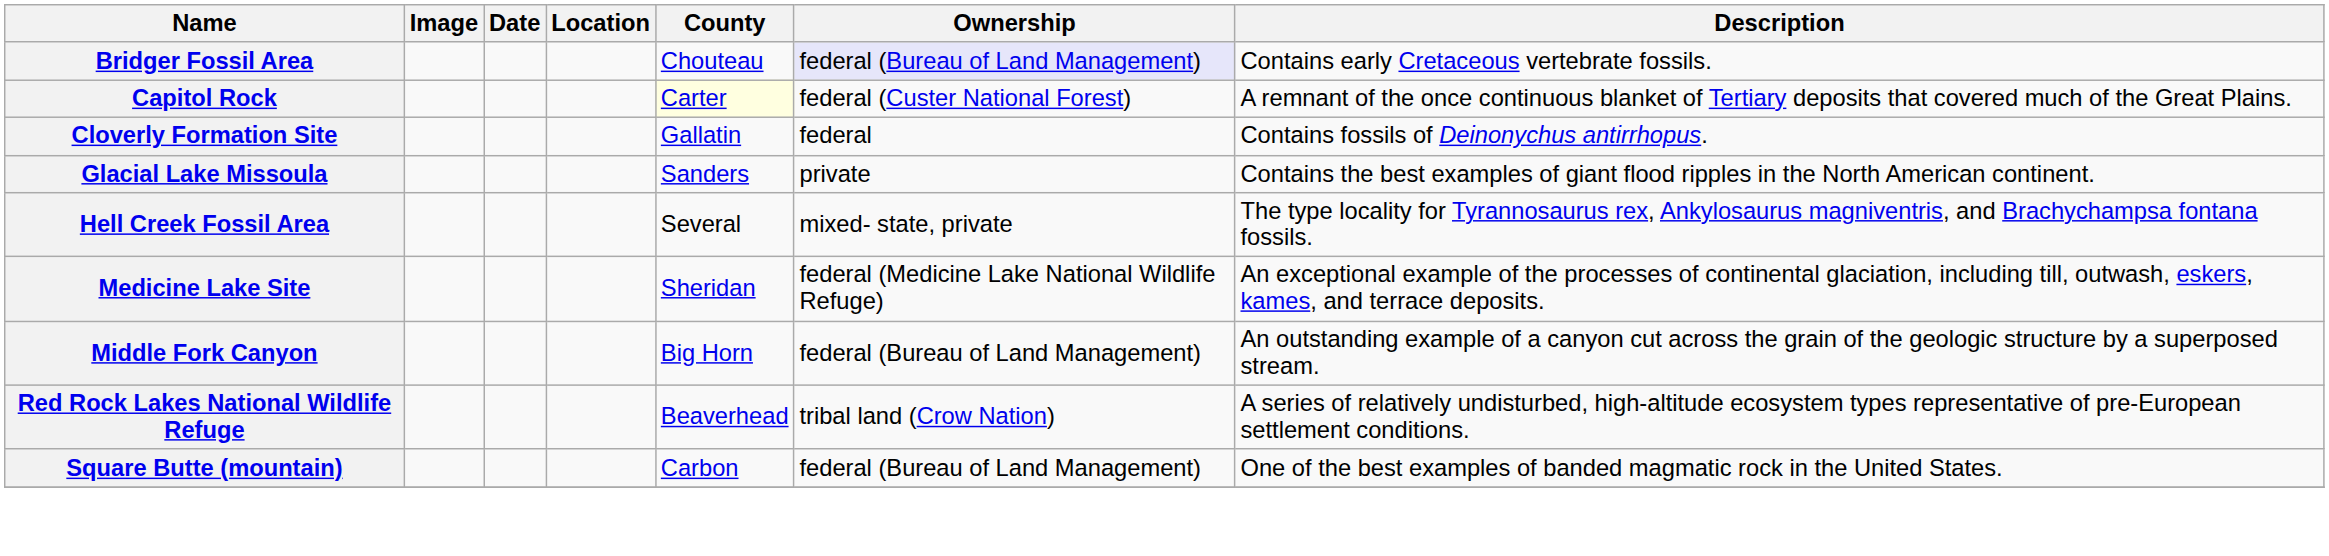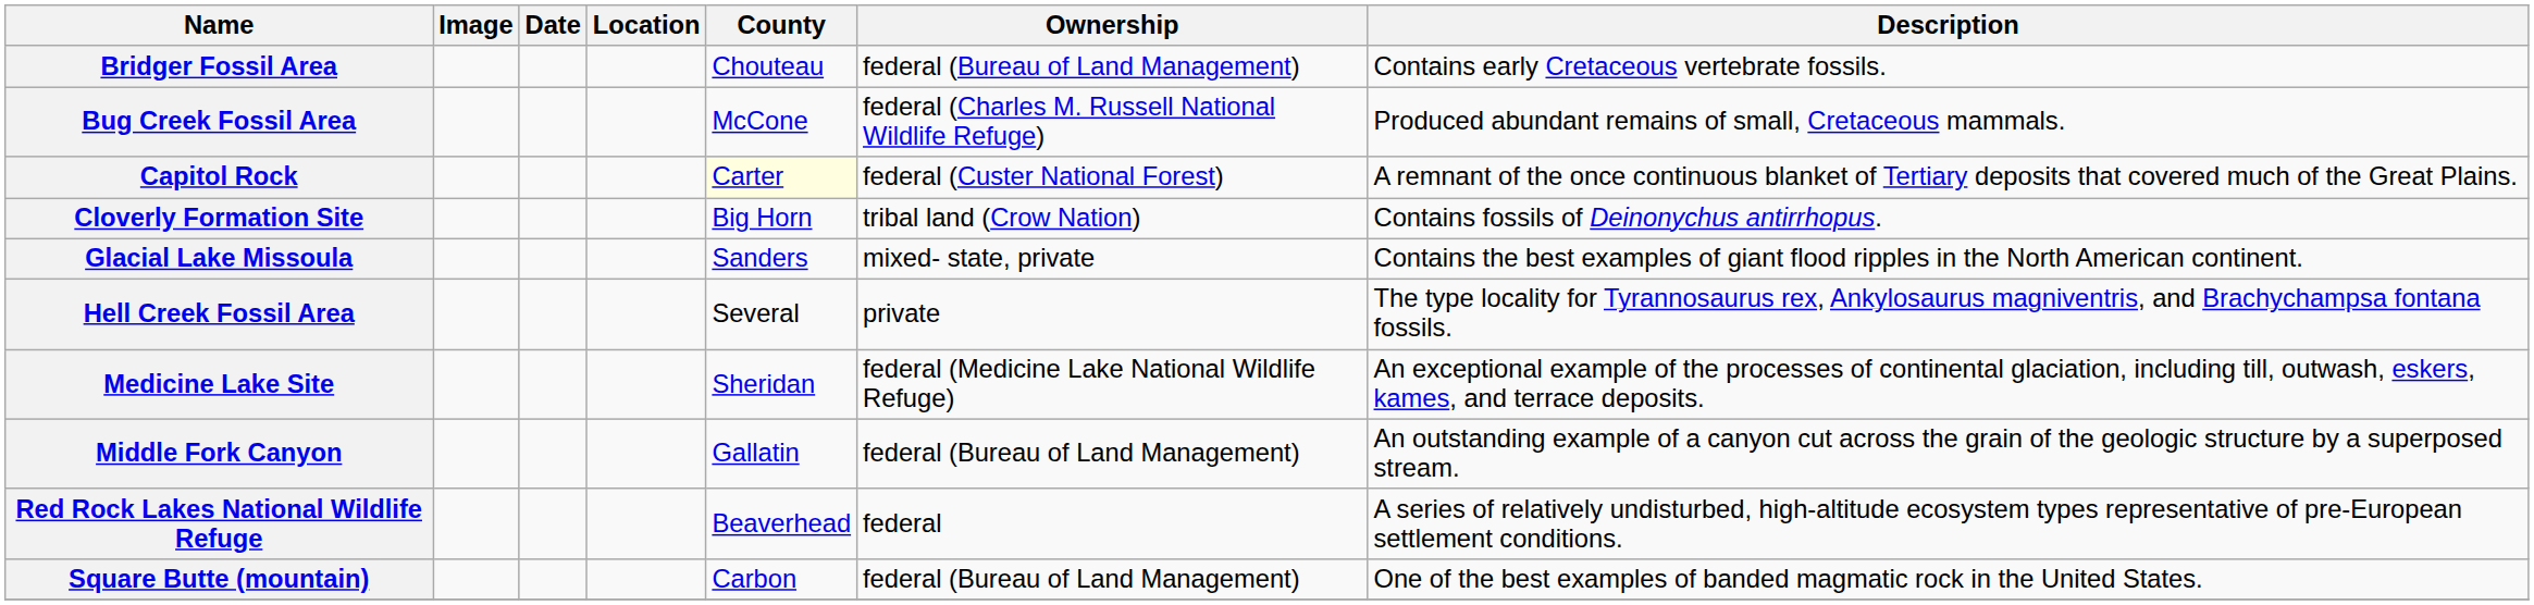 <table class="wikitable sortable" align="center">
 <tr>
 <th style="background-color:">Name</th>
 <th style="background-color:">Image</th>
 <th style="background-color:">Date</th>
 <th style="background-color:">Location</th>
 <th style="background-color:">County</th>
 <th style="background-color:">Ownership</th>
 <th style="background-color:">Description</th>
 </tr>
 <tr>
 <th><a href='#'>Bridger Fossil Area</a></th>
 <td></td>
 <td></td>
 <td></td>
 <td><a href='#'>Chouteau</a></td>
-<td style="background: lavender;">federal (<a href='#'>Bureau of Land Management</a>)</td>
+<td>federal (<a href='#'>Bureau of Land Management</a>)</td>
 <td>Contains early <a href='#'>Cretaceous</a> vertebrate fossils.</td>
+</tr>
+<tr>
+<th><a href='#'>Bug Creek Fossil Area</a></th>
+<td></td>
+<td></td>
+<td></td>
+<td><a href='#'>McCone</a></td>
+<td>federal (<a href='#'>Charles M. Russell National Wildlife Refuge</a>)</td>
+<td>Produced abundant remains of small, <a href='#'>Cretaceous</a> mammals.</td>
 </tr>
 <tr>
 <th><a href='#'>Capitol Rock</a></th>
 <td></td>
 <td></td>
 <td></td>
 <td style="background: lightyellow;"><a href='#'>Carter</a></td>
 <td>federal (<a href='#'>Custer National Forest</a>)</td>
 <td>A remnant of the once continuous blanket of <a href='#'>Tertiary</a> deposits that covered much of the Great Plains.</td>
 </tr>
 <tr>
 <th><a href='#'>Cloverly Formation Site</a></th>
 <td></td>
 <td></td>
 <td></td>
-<td><a href='#'>Gallatin</a></td>
-<td>federal</td>
+<td><a href='#'>Big Horn</a></td>
+<td>tribal land (<a href='#'>Crow Nation</a>)</td>
 <td>Contains fossils of <em><a href='#'>Deinonychus antirrhopus</a></em>.</td>
 </tr>
 <tr>
 <th><a href='#'>Glacial Lake Missoula</a></th>
 <td></td>
 <td></td>
 <td></td>
 <td><a href='#'>Sanders</a></td>
-<td>private</td>
+<td>mixed- state, private</td>
 <td>Contains the best examples of giant flood ripples in the North American continent.</td>
 </tr>
 <tr>
 <th><a href='#'>Hell Creek Fossil Area</a></th>
 <td></td>
 <td></td>
 <td></td>
 <td>Several</td>
-<td>mixed- state, private</td>
+<td>private</td>
 <td>The type locality for <a href='#'>Tyrannosaurus rex</a>, <a href='#'>Ankylosaurus magniventris</a>, and <a href='#'>Brachychampsa fontana</a> fossils.</td>
 </tr>
 <tr>
 <th><a href='#'>Medicine Lake Site</a></th>
 <td></td>
 <td></td>
 <td></td>
 <td><a href='#'>Sheridan</a></td>
 <td>federal (Medicine Lake National Wildlife Refuge)</td>
 <td>An exceptional example of the processes of continental glaciation, including till, outwash, <a href='#'>eskers</a>, <a href='#'>kames</a>, and terrace deposits.</td>
 </tr>
 <tr>
 <th><a href='#'>Middle Fork Canyon</a></th>
 <td></td>
 <td></td>
 <td></td>
-<td><a href='#'>Big Horn</a></td>
+<td><a href='#'>Gallatin</a></td>
 <td>federal (Bureau of Land Management)</td>
 <td>An outstanding example of a canyon cut across the grain of the geologic structure by a superposed stream.</td>
 </tr>
 <tr>
 <th><a href='#'>Red Rock Lakes National Wildlife Refuge</a></th>
 <td></td>
 <td></td>
 <td></td>
 <td><a href='#'>Beaverhead</a></td>
-<td>tribal land (<a href='#'>Crow Nation</a>)</td>
+<td>federal</td>
 <td>A series of relatively undisturbed, high-altitude ecosystem types representative of pre-European settlement conditions.</td>
 </tr>
 <tr>
 <th><a href='#'>Square Butte (mountain)</a></th>
 <td></td>
 <td></td>
 <td></td>
 <td><a href='#'>Carbon</a></td>
 <td>federal (Bureau of Land Management)</td>
 <td>One of the best examples of banded magmatic rock in the United States.</td>
 </tr>
 <tr>
 </tr>
 </table>
